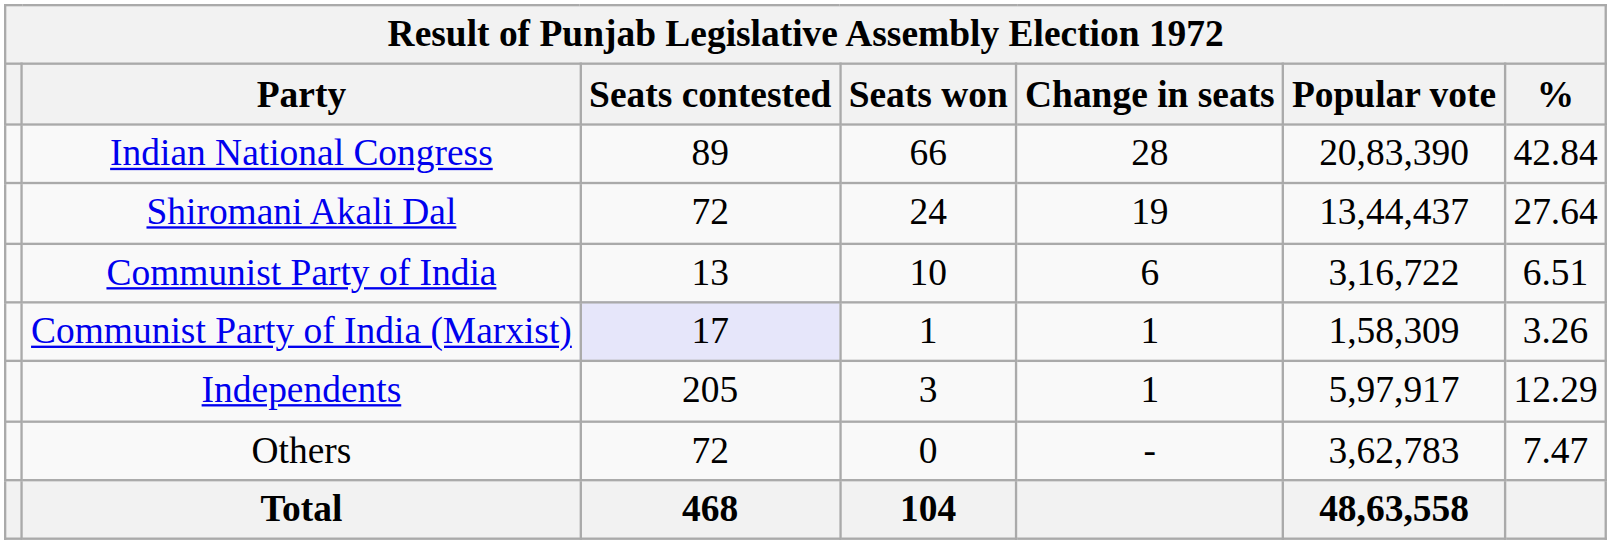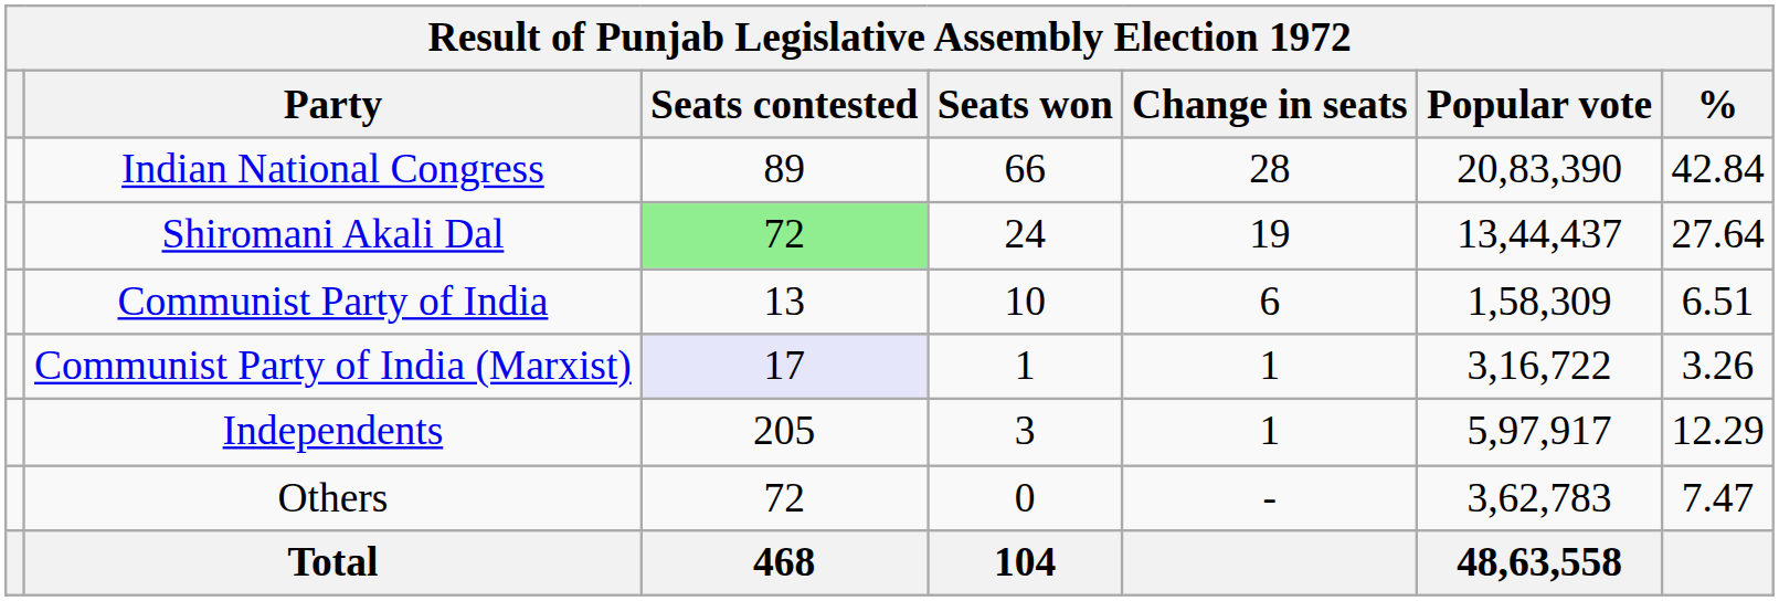 <table class="wikitable" style="text-align:center">
 <tr>
 <th colspan="7">Result of Punjab Legislative Assembly Election 1972</th>
 </tr>
 <tr>
 <th></th>
 <th>Party</th>
 <th>Seats contested</th>
 <th>Seats won</th>
 <th>Change in seats</th>
 <th>Popular vote</th>
 <th>%</th>
 </tr>
 <tr>
 <td></td>
 <td><a href='#'>Indian National Congress</a></td>
 <td>89</td>
 <td>66</td>
 <td> 28</td>
 <td>20,83,390</td>
 <td>42.84</td>
 </tr>
 <tr>
 <td></td>
 <td><a href='#'>Shiromani Akali Dal</a></td>
-<td>72</td>
+<td style="background: lightgreen;">72</td>
 <td>24</td>
 <td> 19</td>
 <td>13,44,437</td>
 <td>27.64</td>
 </tr>
 <tr>
 <td></td>
 <td><a href='#'>Communist Party of India</a></td>
 <td>13</td>
 <td>10</td>
 <td> 6</td>
-<td>3,16,722</td>
+<td>1,58,309</td>
 <td>6.51</td>
 </tr>
 <tr>
 <td></td>
 <td><a href='#'>Communist Party of India (Marxist)</a></td>
 <td style="background: lavender;">17</td>
 <td>1</td>
 <td> 1</td>
-<td>1,58,309</td>
+<td>3,16,722</td>
 <td>3.26</td>
 </tr>
 <tr>
 <td></td>
 <td><a href='#'>Independents</a></td>
 <td>205</td>
 <td>3</td>
 <td> 1</td>
 <td>5,97,917</td>
 <td>12.29</td>
 </tr>
 <tr>
 <td></td>
 <td>Others</td>
 <td>72</td>
 <td>0</td>
 <td>-</td>
 <td>3,62,783</td>
 <td>7.47</td>
 </tr>
 <tr>
 <th></th>
 <th>Total</th>
 <th>468</th>
 <th>104</th>
 <th></th>
 <th>48,63,558</th>
 <th></th>
 </tr>
 </table>
